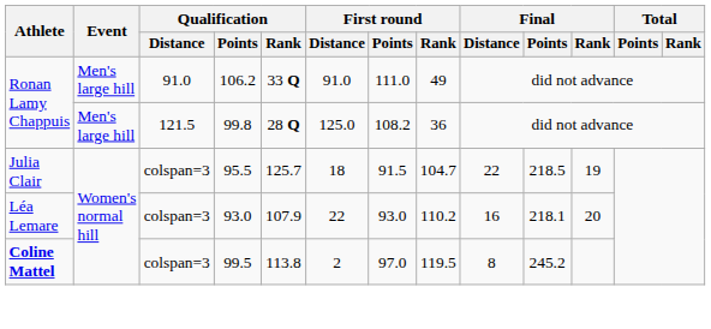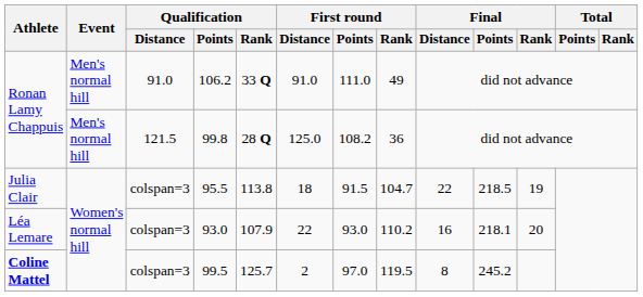 <table class="wikitable" style="font-size:90%">
 <tr>
 <th rowspan=2>Athlete</th>
 <th rowspan=2>Event</th>
 <th colspan=3>Qualification</th>
 <th colspan=3>First round</th>
 <th colspan=3>Final</th>
 <th colspan=2>Total</th>
 </tr>
 <tr style="font-size:95%">
 <th>Distance</th>
 <th>Points</th>
 <th>Rank</th>
 <th>Distance</th>
 <th>Points</th>
 <th>Rank</th>
 <th>Distance</th>
 <th>Points</th>
 <th>Rank</th>
 <th>Points</th>
 <th>Rank</th>
 </tr>
 <tr align=center>
 <td align=left rowspan=2><a href='#'>Ronan Lamy Chappuis</a></td>
-<td align=left><a href='#'>Men's large hill</a></td>
+<td align=left><a href='#'>Men's normal hill</a></td>
 <td>91.0</td>
 <td>106.2</td>
 <td>33 <strong>Q</strong></td>
 <td>91.0</td>
 <td>111.0</td>
 <td>49</td>
 <td colspan=5>did not advance</td>
 </tr>
 <tr align=center>
-<td align=left><a href='#'>Men's large hill</a></td>
+<td align=left><a href='#'>Men's normal hill</a></td>
 <td>121.5</td>
 <td>99.8</td>
 <td>28 <strong>Q</strong></td>
 <td>125.0</td>
 <td>108.2</td>
 <td>36</td>
 <td colspan=5>did not advance</td>
 </tr>
 <tr align=center>
 <td align=left><a href='#'>Julia Clair</a></td>
 <td align=left rowspan=3><a href='#'>Women's normal hill</a></td>
 <td>colspan=3 </td>
 <td>95.5</td>
-<td>125.7</td>
+<td>113.8</td>
 <td>18</td>
 <td>91.5</td>
 <td>104.7</td>
 <td>22</td>
 <td>218.5</td>
 <td>19</td>
 </tr>
 <tr align=center>
 <td align=left><a href='#'>Léa Lemare</a></td>
 <td>colspan=3 </td>
 <td>93.0</td>
 <td>107.9</td>
 <td>22</td>
 <td>93.0</td>
 <td>110.2</td>
 <td>16</td>
 <td>218.1</td>
 <td>20</td>
 </tr>
 <tr align=center>
 <td align=left><strong><a href='#'>Coline Mattel</a></strong></td>
 <td>colspan=3 </td>
 <td>99.5</td>
-<td>113.8</td>
+<td>125.7</td>
 <td>2</td>
 <td>97.0</td>
 <td>119.5</td>
 <td>8</td>
 <td>245.2</td>
 <td></td>
 </tr>
 </table>
